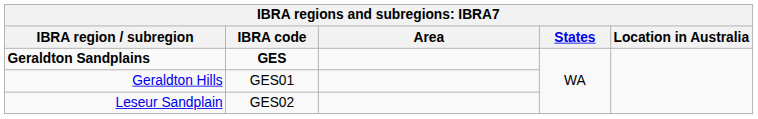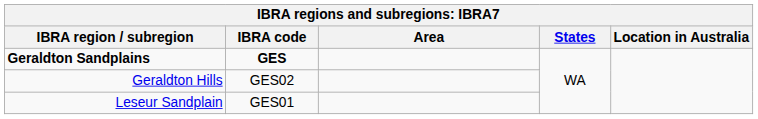 <table class="wikitable sortable">
 <tr>
 <th rowwidth=100px colspan=5>IBRA regions and subregions: IBRA7</th>
 </tr>
 <tr>
 <th scope="col" width="250px">IBRA region / subregion</th>
 <th scope="col" width="100px">IBRA code</th>
 <th scope="col" width="250px">Area</th>
 <th scope="col" width="75px"><a href='#'>States</a></th>
 <th>Location in Australia</th>
 </tr>
 <tr>
 <td><strong>Geraldton Sandplains</strong></td>
 <td align="center"><strong>GES</strong></td>
 <td align="right"><strong></strong></td>
 <td align="center" rowspan=3>WA</td>
 <td align="center" rowspan=3></td>
 </tr>
 <tr>
 <td align="right"><a href='#'>Geraldton Hills</a></td>
-<td align="center">GES01</td>
+<td align="center">GES02</td>
 <td align="right"></td>
 </tr>
 <tr>
 <td align="right"><a href='#'>Leseur Sandplain</a></td>
-<td align="center">GES02</td>
+<td align="center">GES01</td>
 <td align="right"></td>
 </tr>
 </table>
